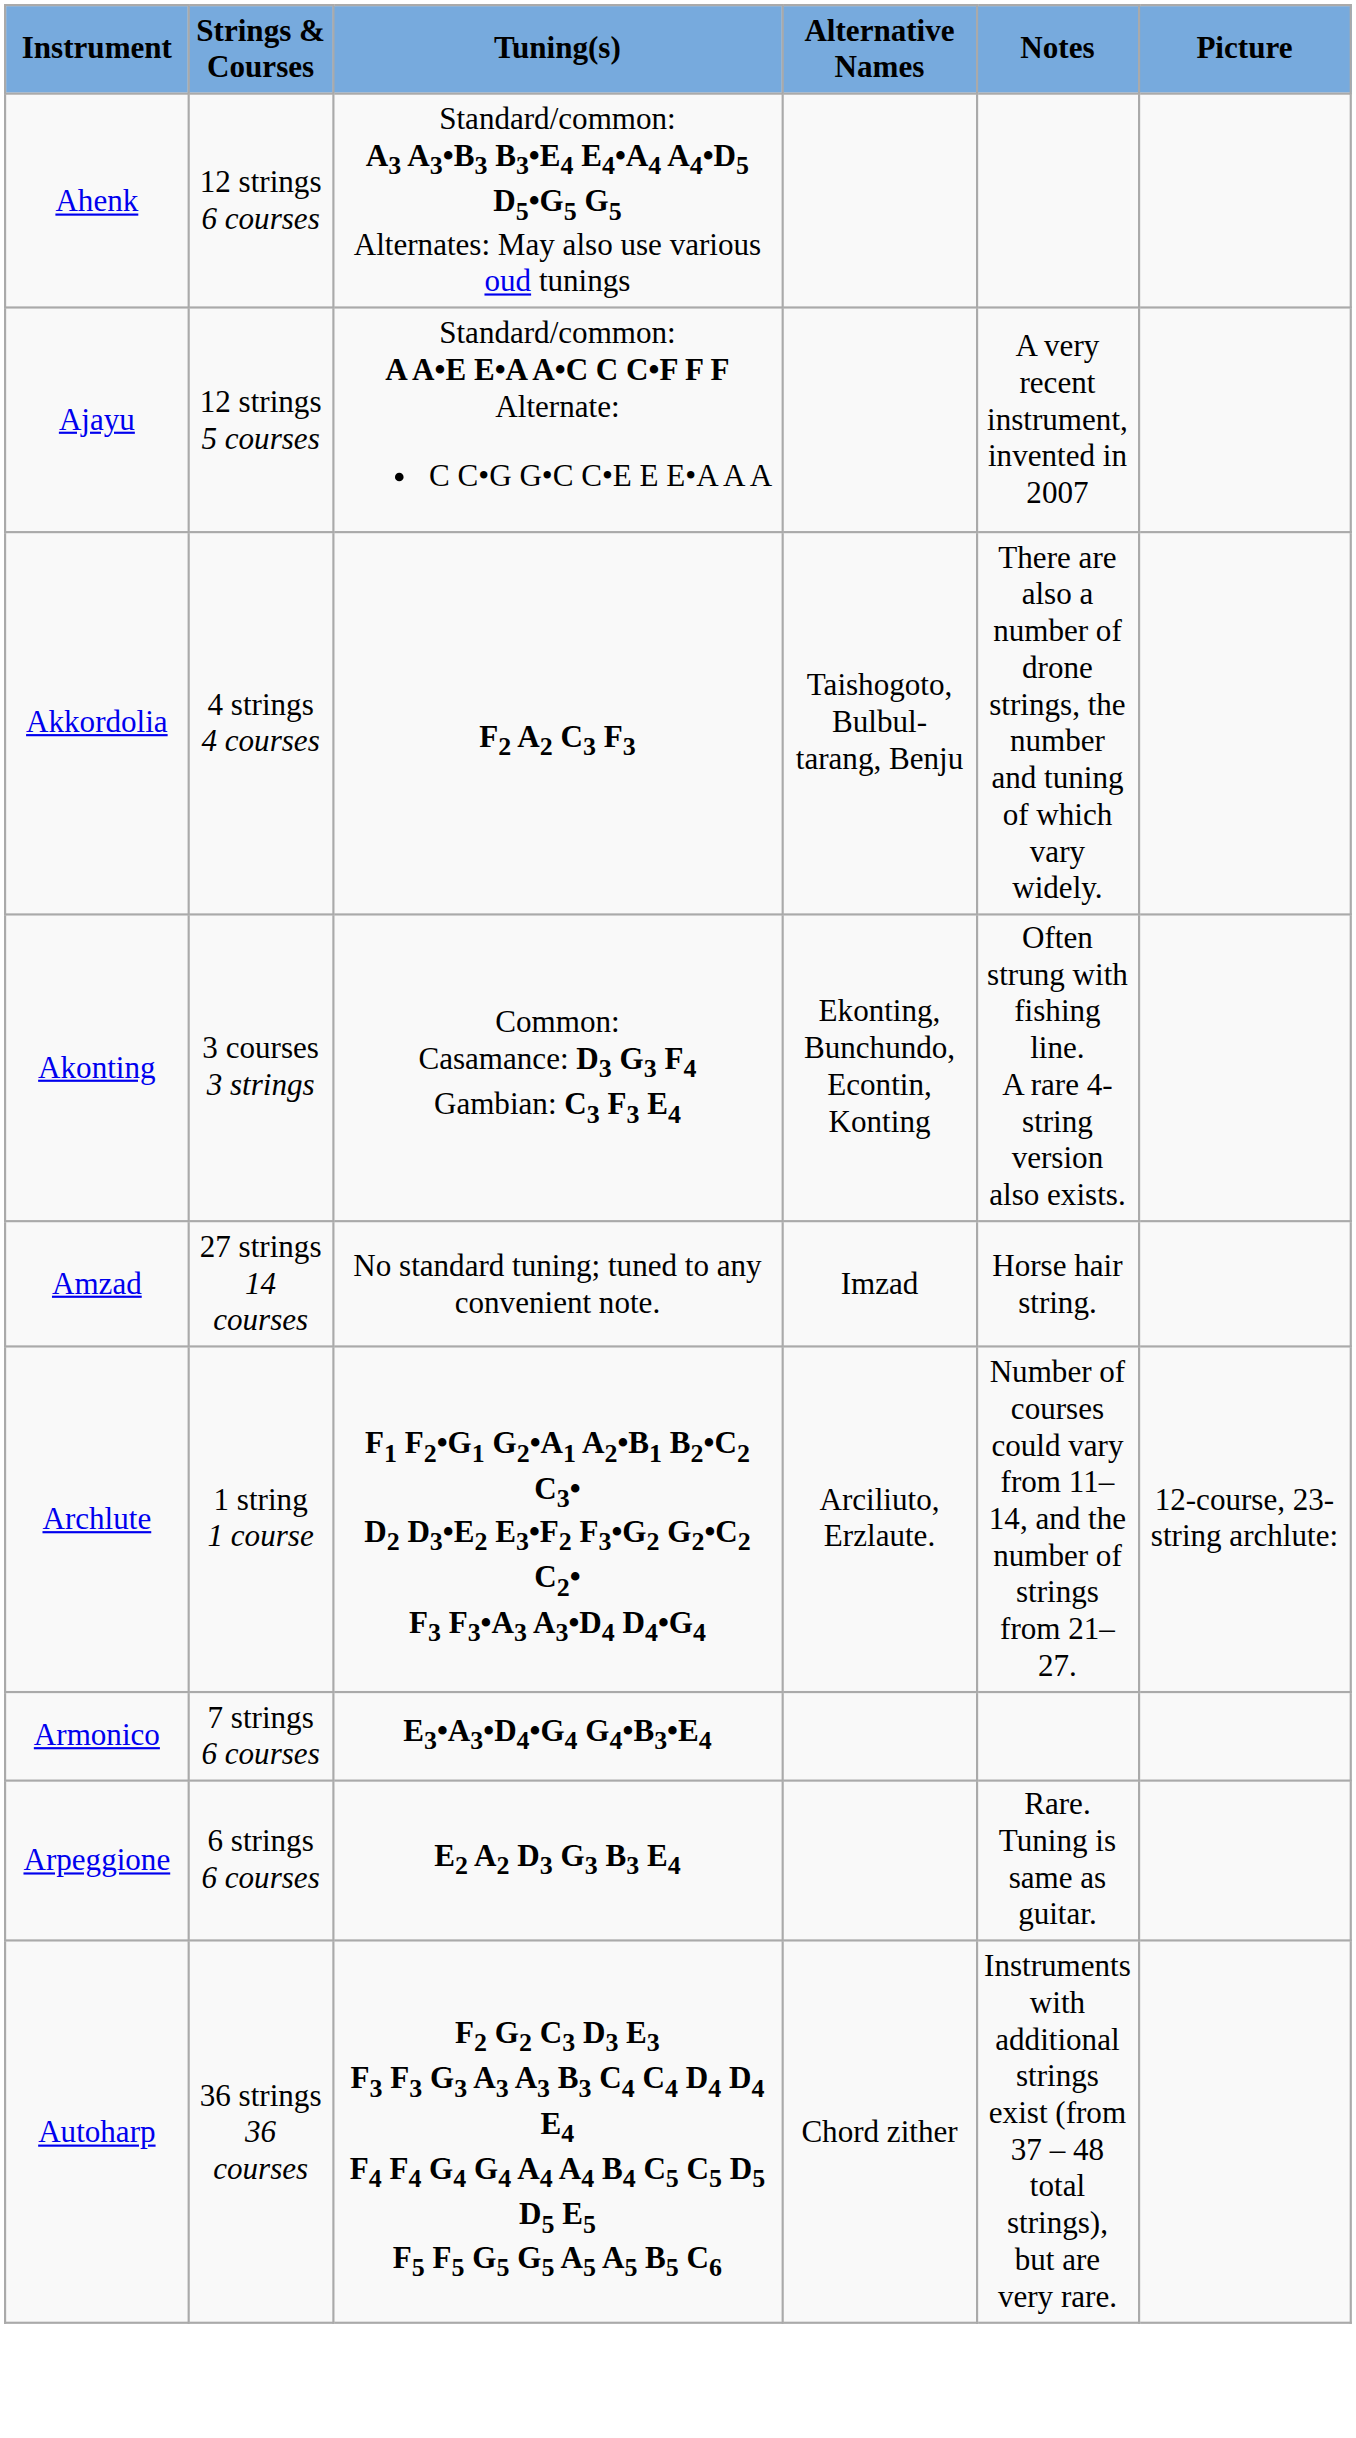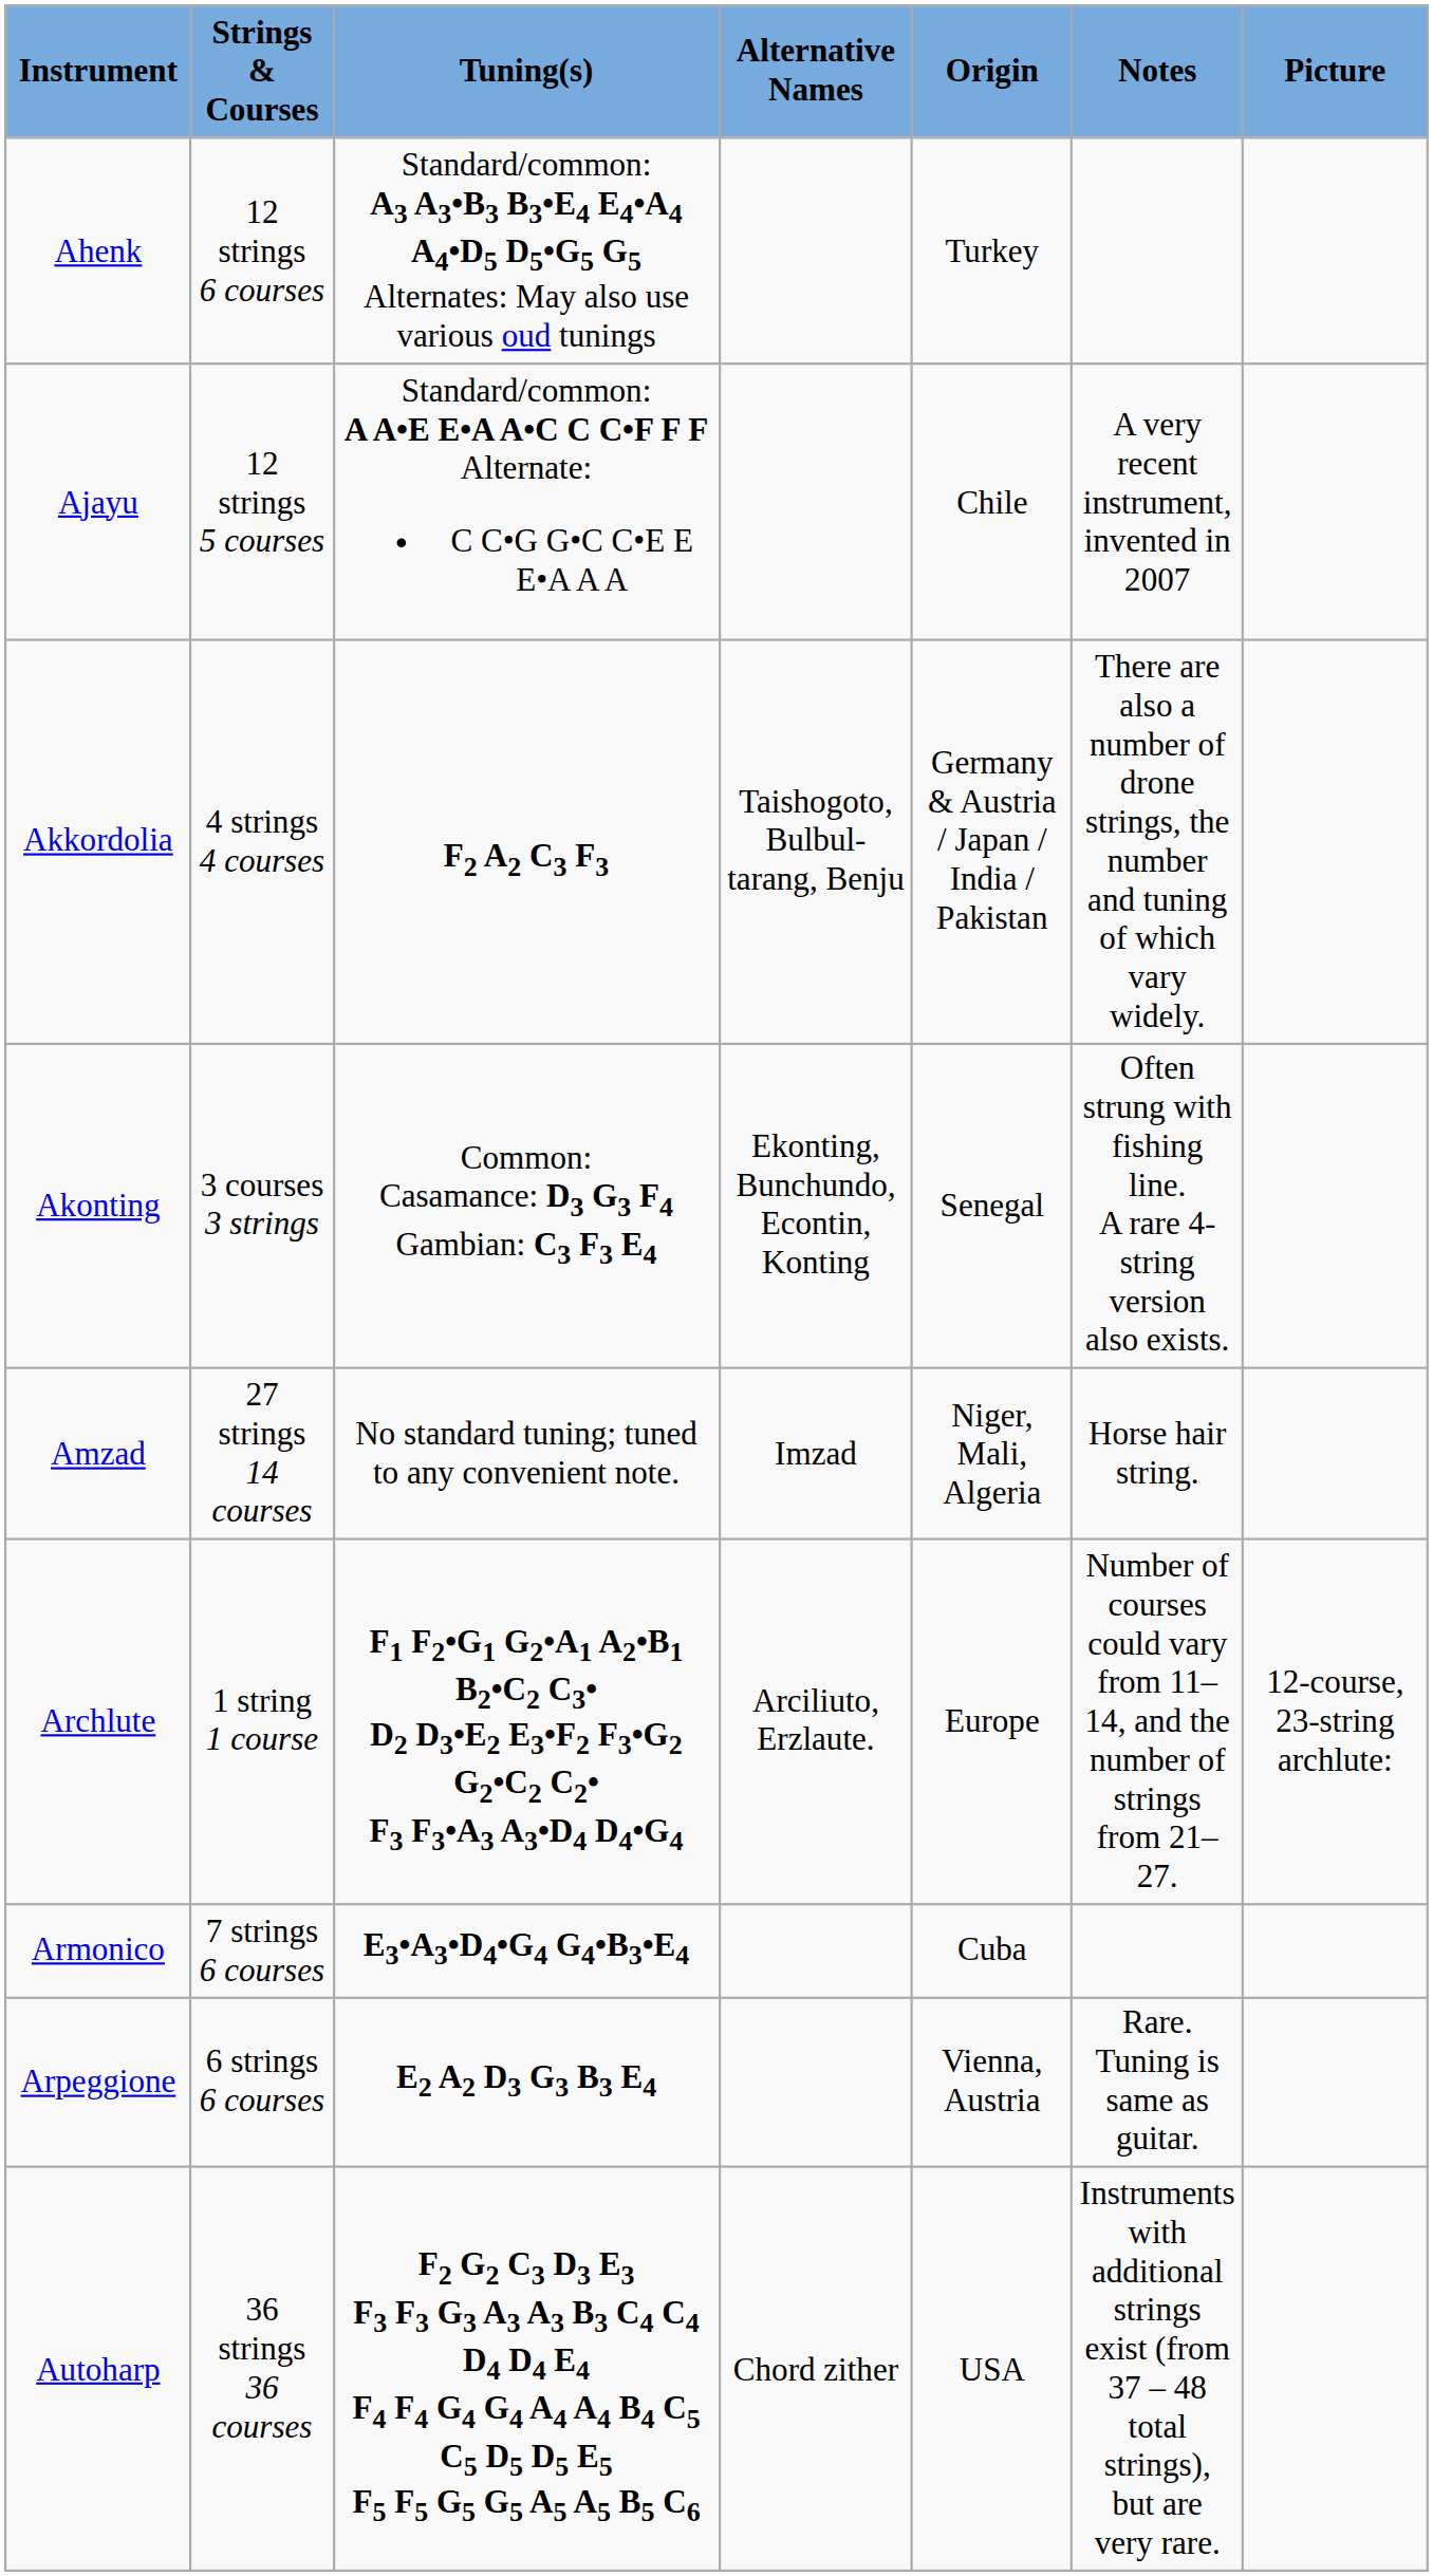 <table class="wikitable" style="margin:0.5em auto; clear:both; font-size:.9em; text-align:center; width:100%">
 <tr>
 <th style="background: #7ad;" scope="col" width="80">Instrument</th>
 <th style="background: #7ad;" scope="col" width="62">Strings & Courses</th>
 <th style="background: #7ad;" scope="col" width="220">Tuning(s)</th>
 <th style="background: #7ad;" scope="col" width="86">Alternative Names</th>
+<th style="background: #7ad;" scope="col" width="74">Origin</th>
 <th style="background: #7ad;" scope="col" width'"106">Notes</th>
 <th style="background: #7ad;" scope="col" width="100">Picture</th>
 </tr>
 <tr>
 <td><a href='#'>Ahenk</a></td>
 <td>12 strings<br><em>6 courses</em></td>
 <td>Standard/common:<br><strong>A<sub>3</sub> A<sub>3</sub>•B<sub>3</sub> B<sub>3</sub>•E<sub>4</sub> E<sub>4</sub>•A<sub>4</sub> A<sub>4</sub>•D<sub>5</sub> D<sub>5</sub>•G<sub>5</sub> G<sub>5</sub></strong><br>Alternates: May also use various <a href='#'>oud</a> tunings</td>
 <td></td>
+<td>Turkey</td>
 <td></td>
 <td></td>
 </tr>
 <tr>
 <td><a href='#'>Ajayu</a></td>
 <td>12 strings<br><em>5 courses</em></td>
 <td>Standard/common:<br><strong>A A•E E•A A•C C C•F F F</strong><br>Alternate:<ul><li>C C•G G•C C•E E E•A A A</li></ul></td>
 <td></td>
+<td>Chile</td>
 <td>A very recent instrument, invented in 2007</td>
 <td></td>
 </tr>
 <tr>
 <td><a href='#'>Akkordolia</a></td>
 <td>4 strings<br><em>4 courses</em></td>
 <td><br><strong>F<sub>2</sub> A<sub>2</sub> C<sub>3</sub> F<sub>3</sub></strong></td>
 <td>Taishogoto, Bulbul-tarang, Benju</td>
+<td>Germany & Austria / Japan / India / Pakistan</td>
 <td>There are also a number of drone strings, the number and tuning of which vary widely.</td>
 <td></td>
 </tr>
 <tr>
 <td><a href='#'>Akonting</a></td>
 <td>3 courses<br><em>3 strings</em></td>
 <td>Common:<br>Casamance: <strong>D<sub>3</sub> G<sub>3</sub> F<sub>4</sub></strong><br>Gambian: <strong>C<sub>3</sub> F<sub>3</sub> E<sub>4</sub></strong></td>
 <td>Ekonting, Bunchundo, Econtin, Konting</td>
+<td>Senegal</td>
 <td>Often strung with fishing line.<br>A rare 4-string version also exists.</td>
 <td></td>
 </tr>
 <tr>
 <td><a href='#'>Amzad</a></td>
 <td>27 strings<br><em>14 courses</em></td>
 <td>No standard tuning; tuned to any convenient note.</td>
 <td>Imzad</td>
+<td>Niger, Mali, Algeria</td>
 <td>Horse hair string.</td>
 <td></td>
 </tr>
 <tr>
 <td><a href='#'>Archlute</a></td>
 <td>1 string<br><em>1 course</em></td>
 <td><br><strong>F<sub>1</sub> F<sub>2</sub>•G<sub>1</sub> G<sub>2</sub>•A<sub>1</sub> A<sub>2</sub>•B<sub>1</sub> B<sub>2</sub>•C<sub>2</sub> C<sub>3</sub>•</strong><br> <strong>D<sub>2</sub> D<sub>3</sub>•E<sub>2</sub> E<sub>3</sub>•F<sub>2</sub> F<sub>3</sub>•G<sub>2</sub> G<sub>2</sub>•C<sub>2</sub> C<sub>2</sub>•</strong><br> <strong>F<sub>3</sub> F<sub>3</sub>•A<sub>3</sub> A<sub>3</sub>•D<sub>4</sub> D<sub>4</sub>•G<sub>4</sub></strong></td>
 <td>Arciliuto, Erzlaute.</td>
+<td>Europe</td>
 <td>Number of courses could vary from 11–14, and the number of strings from 21–27.</td>
 <td>12-course, 23-string archlute:</td>
 </tr>
 <tr>
 <td><a href='#'>Armonico</a></td>
 <td>7 strings<br><em>6 courses</em></td>
 <td><strong>E<sub>3</sub>•A<sub>3</sub>•D<sub>4</sub>•G<sub>4</sub> G<sub>4</sub>•B<sub>3</sub>•E<sub>4</sub></strong></td>
 <td></td>
+<td>Cuba</td>
 <td></td>
 <td></td>
 </tr>
 <tr>
 <td><a href='#'>Arpeggione</a></td>
 <td>6 strings<br><em>6 courses</em></td>
 <td><strong>E<sub>2</sub> A<sub>2</sub> D<sub>3</sub> G<sub>3</sub> B<sub>3</sub> E<sub>4</sub></strong></td>
 <td></td>
+<td>Vienna, Austria</td>
 <td>Rare.<br>Tuning is same as guitar.</td>
 <td></td>
 </tr>
 <tr>
 <td><a href='#'>Autoharp</a></td>
 <td>36 strings<br><em>36 courses</em></td>
 <td><br><strong>F<sub>2</sub> G<sub>2</sub> C<sub>3</sub> D<sub>3</sub> E<sub>3</sub> </strong><br> <strong>F<sub>3</sub> F<sub>3</sub> G<sub>3</sub> A<sub>3</sub> A<sub>3</sub> B<sub>3</sub> C<sub>4</sub> C<sub>4</sub> D<sub>4</sub> D<sub>4</sub> E<sub>4</sub> </strong><br> <strong>F<sub>4</sub> F<sub>4</sub> G<sub>4</sub> G<sub>4</sub> A<sub>4</sub> A<sub>4</sub> B<sub>4</sub> C<sub>5</sub> C<sub>5</sub> D<sub>5</sub> D<sub>5</sub> E<sub>5</sub></strong><br> <strong>F<sub>5</sub> F<sub>5</sub> G<sub>5</sub> G<sub>5</sub> A<sub>5</sub> A<sub>5</sub> B<sub>5</sub> C<sub>6</sub></strong></td>
 <td>Chord zither</td>
+<td>USA</td>
 <td>Instruments with additional strings exist (from 37 – 48 total strings), but are very rare.</td>
 <td></td>
 </tr>
 </table>
